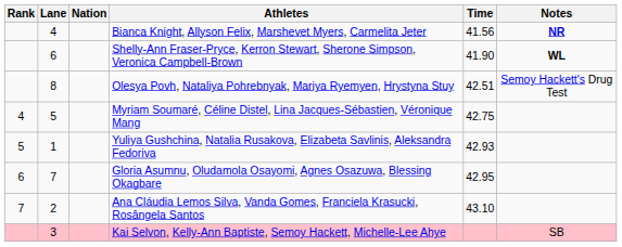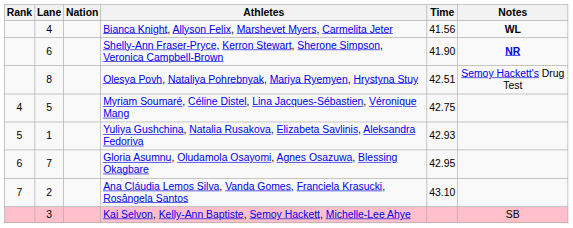 <table class="wikitable sortable" style="text-align:center">
 <tr>
 <th>Rank</th>
 <th>Lane</th>
 <th>Nation</th>
 <th>Athletes</th>
 <th>Time</th>
 <th>Notes</th>
 </tr>
 <tr>
 <td></td>
 <td>4</td>
 <td align=left></td>
 <td align=left><a href='#'>Bianca Knight</a>, <a href='#'>Allyson Felix</a>, <a href='#'>Marshevet Myers</a>, <a href='#'>Carmelita Jeter</a></td>
 <td>41.56</td>
-<td><strong><a href='#'>NR</a></strong></td>
+<td><strong>WL</strong></td>
 </tr>
 <tr>
 <td></td>
 <td>6</td>
 <td align=left></td>
 <td align=left><a href='#'>Shelly-Ann Fraser-Pryce</a>, <a href='#'>Kerron Stewart</a>, <a href='#'>Sherone Simpson</a>, <a href='#'>Veronica Campbell-Brown</a></td>
 <td>41.90</td>
-<td><strong>WL</strong></td>
+<td><strong><a href='#'>NR</a></strong></td>
 </tr>
 <tr>
 <td></td>
 <td>8</td>
 <td align=left></td>
 <td align=left><a href='#'>Olesya Povh</a>, <a href='#'>Nataliya Pohrebnyak</a>, <a href='#'>Mariya Ryemyen</a>, <a href='#'>Hrystyna Stuy</a></td>
 <td>42.51</td>
 <td><a href='#'>Semoy Hackett's</a> Drug Test</td>
 </tr>
 <tr>
 <td>4</td>
 <td>5</td>
 <td align=left></td>
 <td align=left><a href='#'>Myriam Soumaré</a>, <a href='#'>Céline Distel</a>, <a href='#'>Lina Jacques-Sébastien</a>, <a href='#'>Véronique Mang</a></td>
 <td>42.75</td>
 <td></td>
 </tr>
 <tr>
 <td>5</td>
 <td>1</td>
 <td align=left></td>
 <td align=left><a href='#'>Yuliya Gushchina</a>, <a href='#'>Natalia Rusakova</a>, <a href='#'>Elizabeta Savlinis</a>, <a href='#'>Aleksandra Fedoriva</a></td>
 <td>42.93</td>
 <td></td>
 </tr>
 <tr>
 <td>6</td>
 <td>7</td>
 <td align=left></td>
 <td align=left><a href='#'>Gloria Asumnu</a>, <a href='#'>Oludamola Osayomi</a>, <a href='#'>Agnes Osazuwa</a>, <a href='#'>Blessing Okagbare</a></td>
 <td>42.95</td>
 <td></td>
 </tr>
 <tr>
 <td>7</td>
 <td>2</td>
 <td align=left></td>
 <td align=left><a href='#'>Ana Cláudia Lemos Silva</a>, <a href='#'>Vanda Gomes</a>, <a href='#'>Franciela Krasucki</a>, <a href='#'>Rosângela Santos</a></td>
 <td>43.10</td>
 <td></td>
 </tr>
 <tr style="background:pink;">
 <td></td>
 <td>3</td>
 <td align=left></td>
 <td align=left><a href='#'>Kai Selvon</a>, <a href='#'>Kelly-Ann Baptiste</a>, <a href='#'>Semoy Hackett</a>, <a href='#'>Michelle-Lee Ahye</a></td>
 <td></td>
 <td>SB</td>
 </tr>
 </table>
